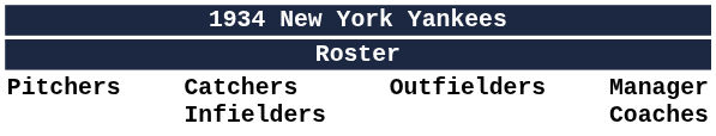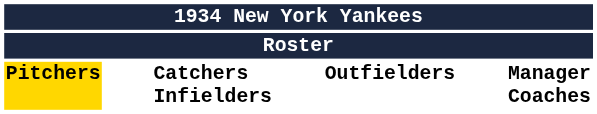 <table class="toccolours" style="font-size: 95%;">
 <tr>
 <th colspan="10" style="background-color: #1c2841; color: white; text-align: center;">1934 New York Yankees</th>
 </tr>
 <tr>
 <td colspan="10" style="background-color: #1c2841; color: white; text-align: center;"><strong>Roster</strong></td>
 </tr>
 <tr>
-<td valign="top"><strong>Pitchers</strong><br>             </td>
+<td valign="top" style="background: gold;"><strong>Pitchers</strong><br>             </td>
 <td width="25px"></td>
 <td valign="top"><strong>Catchers</strong><br>   <strong>Infielders</strong>       </td>
 <td width="25px"></td>
 <td valign="top"><strong>Outfielders</strong><br>      </td>
 <td width="25px"></td>
 <td valign="top"><strong>Manager</strong><br> <strong>Coaches</strong>   </td>
 </tr>
 </table>
